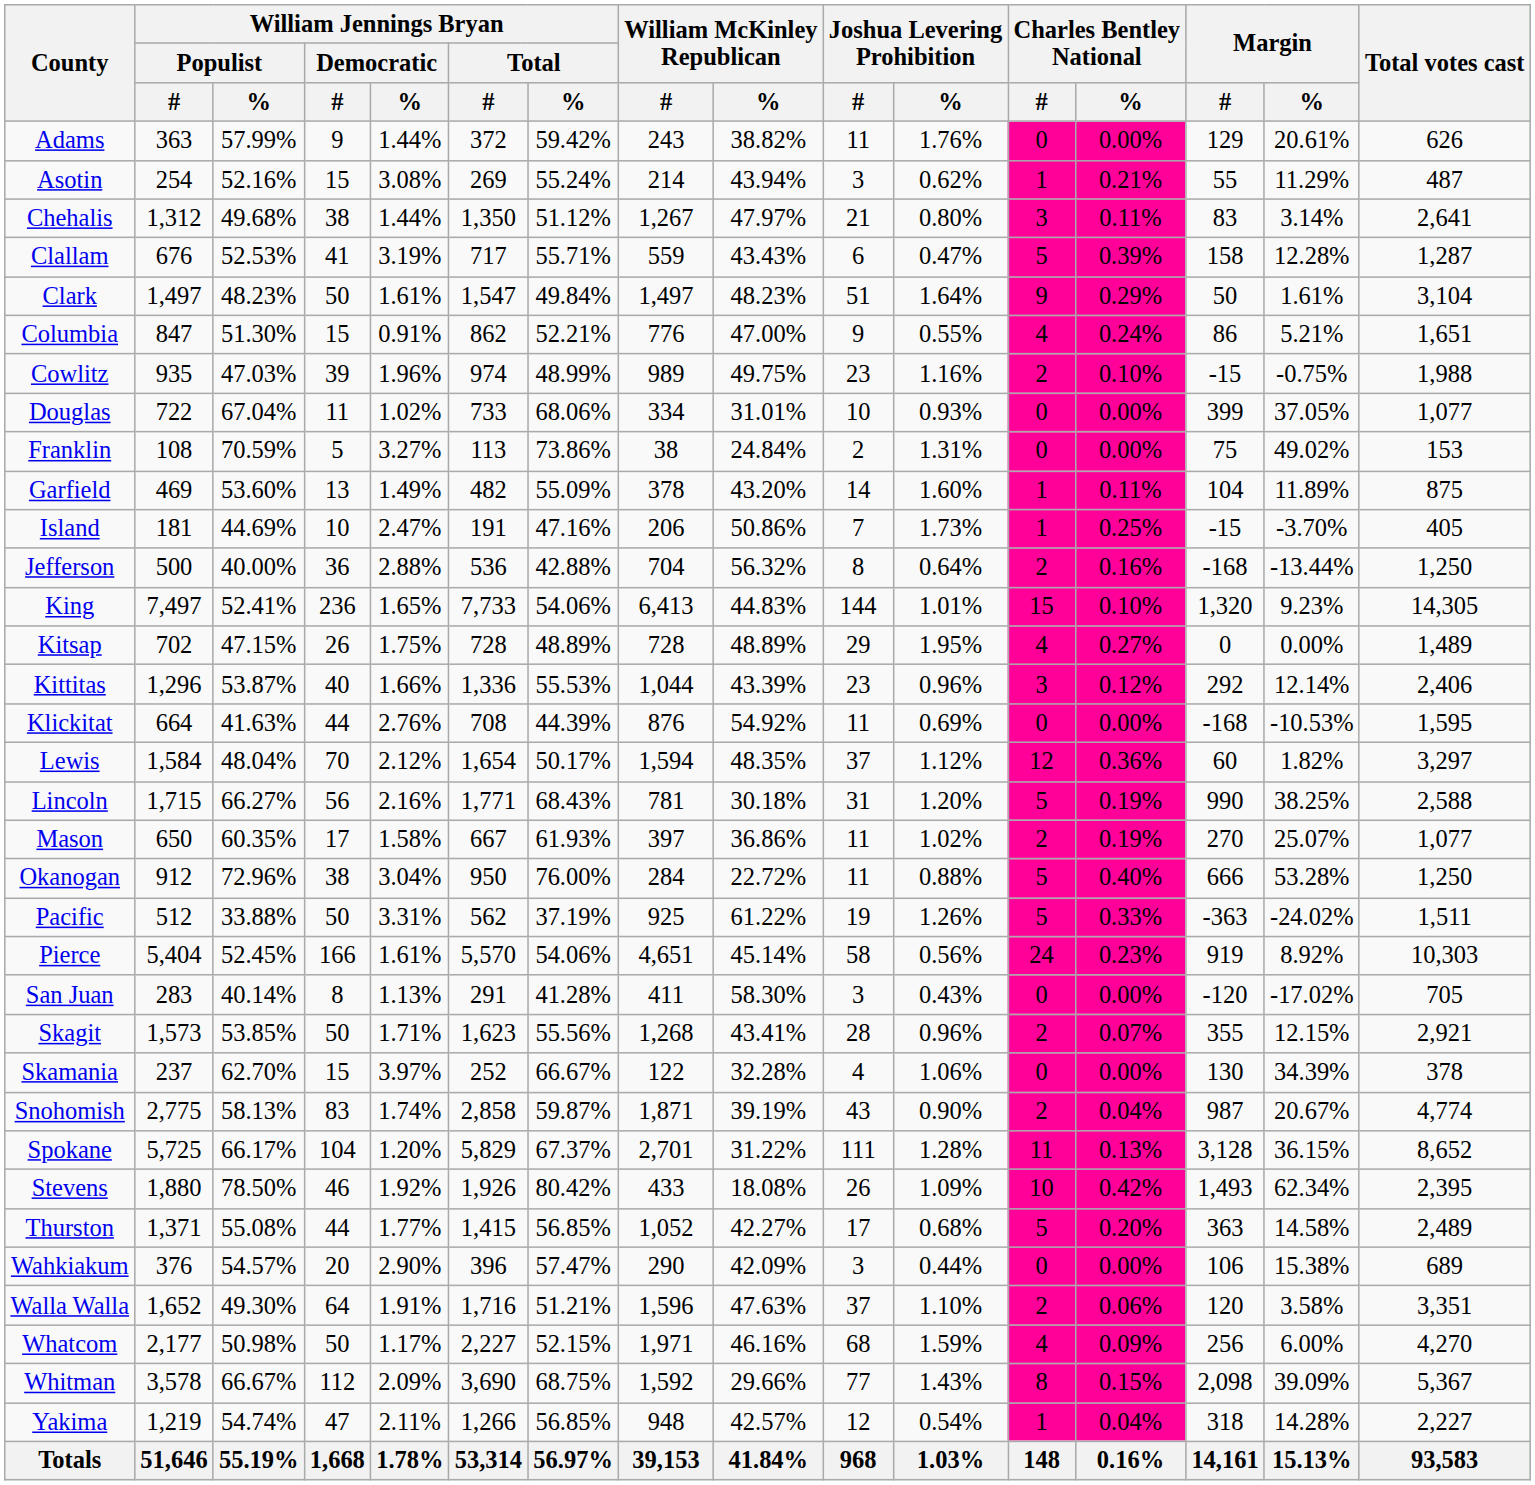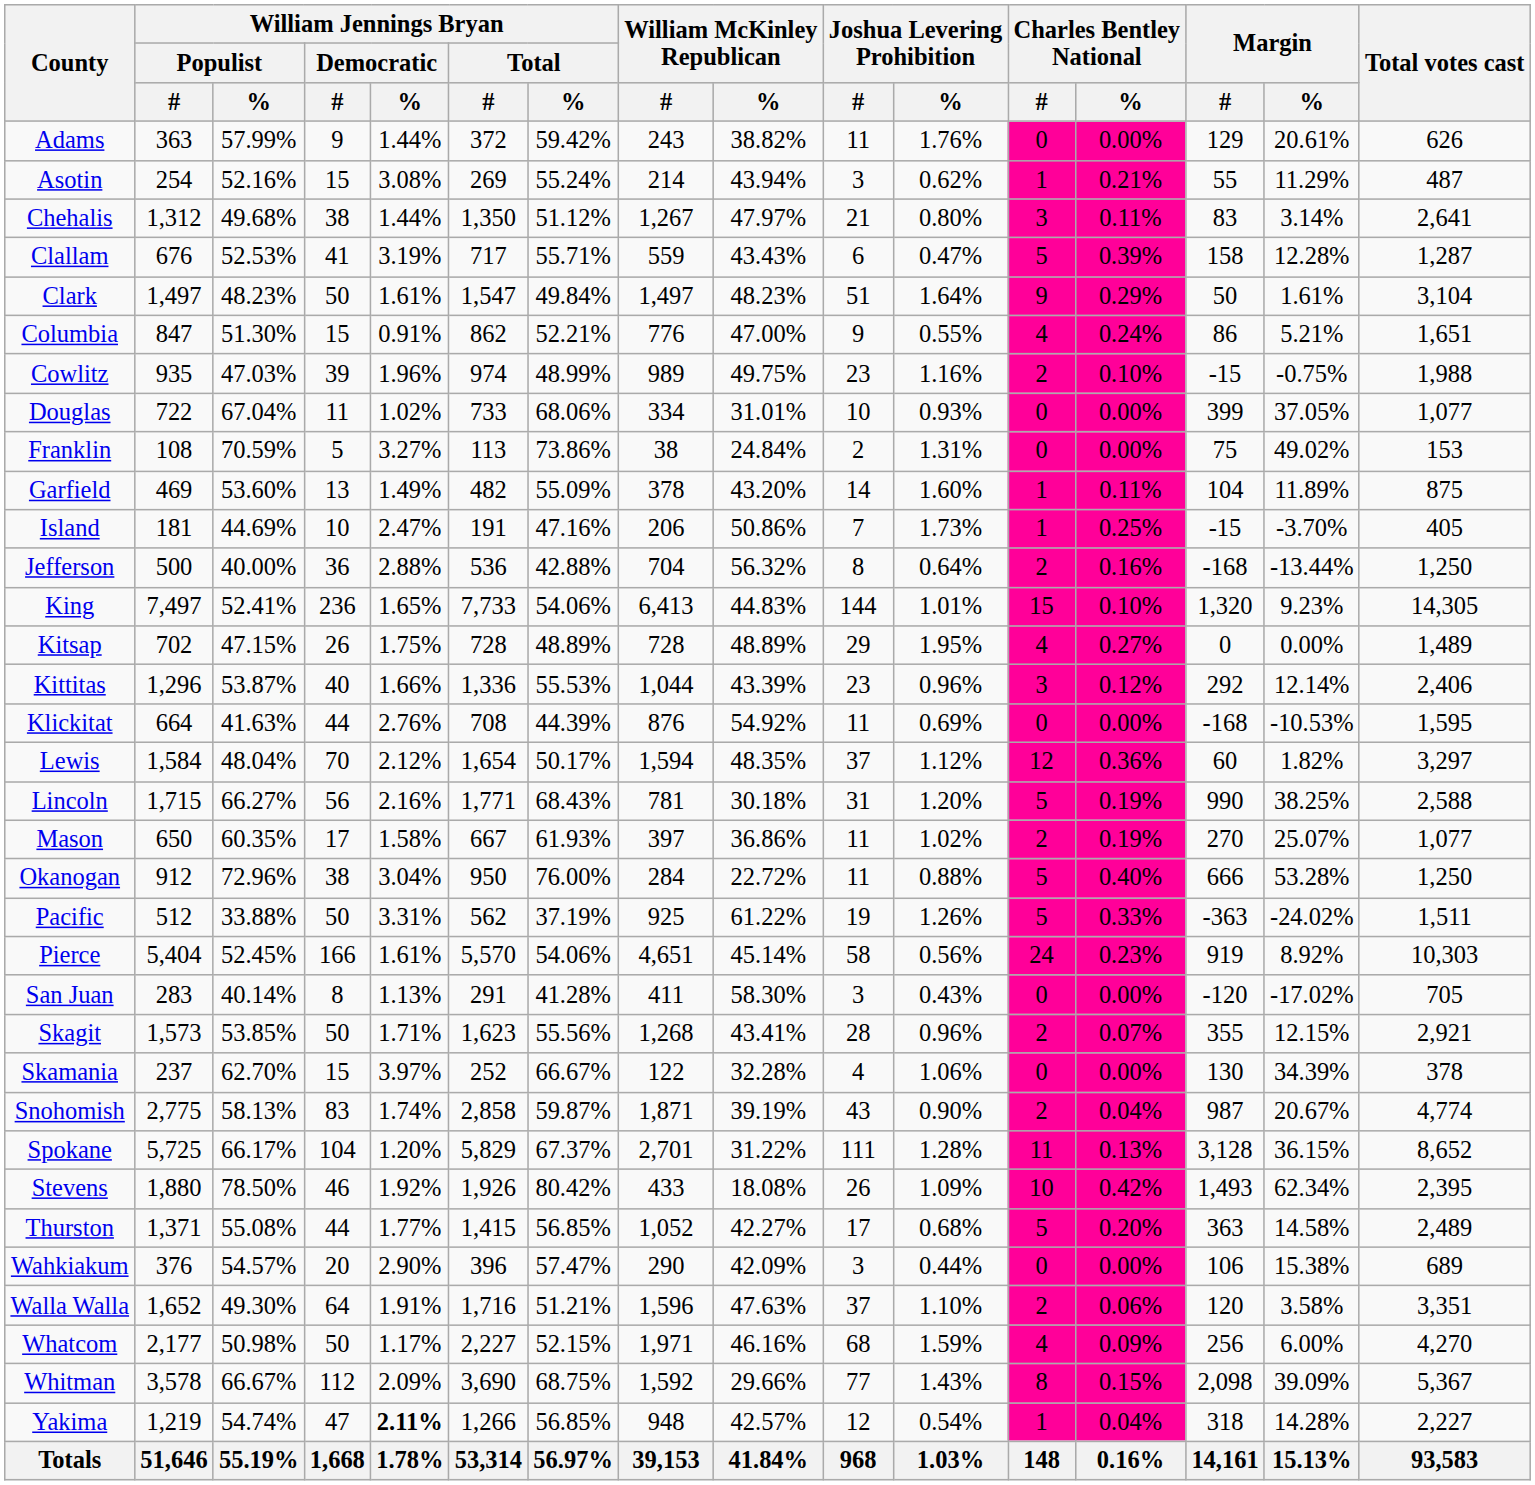 <table class="wikitable sortable" style="text-align:center">
 <tr>
 <th rowspan="3">County</th>
 <th colspan="6">William Jennings Bryan</th>
 <th colspan="2" rowspan="2">William McKinley<br>Republican</th>
 <th colspan="2" rowspan="2">Joshua Levering<br>Prohibition</th>
 <th colspan="2" rowspan="2">Charles Bentley<br>National</th>
 <th colspan="2" rowspan="2">Margin</th>
 <th rowspan="3">Total votes cast</th>
 </tr>
 <tr>
 <th colspan="2" style="text-align:center;">Populist</th>
 <th colspan="2" style="text-align:center;">Democratic</th>
 <th colspan="2" style="text-align:center;">Total</th>
 </tr>
 <tr>
 <th style="text-align:center;" data-sort-type="number">#</th>
 <th style="text-align:center;" data-sort-type="number">%</th>
 <th style="text-align:center;" data-sort-type="number">#</th>
 <th style="text-align:center;" data-sort-type="number">%</th>
 <th style="text-align:center;" data-sort-type="number">#</th>
 <th style="text-align:center;" data-sort-type="number">%</th>
 <th style="text-align:center;" data-sort-type="number">#</th>
 <th style="text-align:center;" data-sort-type="number">%</th>
 <th style="text-align:center;" data-sort-type="number">#</th>
 <th style="text-align:center;" data-sort-type="number">%</th>
 <th style="text-align:center;" data-sort-type="number">#</th>
 <th style="text-align:center;" data-sort-type="number">%</th>
 <th style="text-align:center;" data-sort-type="number">#</th>
 <th style="text-align:center;" data-sort-type="number">%</th>
 </tr>
 <tr style="text-align:center;">
 <td><a href='#'>Adams</a></td>
 <td>363</td>
 <td>57.99%</td>
 <td>9</td>
 <td>1.44%</td>
 <td>372</td>
 <td>59.42%</td>
 <td>243</td>
 <td>38.82%</td>
 <td>11</td>
 <td>1.76%</td>
 <td bgcolor="#f09">0</td>
 <td bgcolor="#f09">0.00%</td>
 <td>129</td>
 <td>20.61%</td>
 <td>626</td>
 </tr>
 <tr style="text-align:center;">
 <td><a href='#'>Asotin</a></td>
 <td>254</td>
 <td>52.16%</td>
 <td>15</td>
 <td>3.08%</td>
 <td>269</td>
 <td>55.24%</td>
 <td>214</td>
 <td>43.94%</td>
 <td>3</td>
 <td>0.62%</td>
 <td bgcolor="#f09">1</td>
 <td bgcolor="#f09">0.21%</td>
 <td>55</td>
 <td>11.29%</td>
 <td>487</td>
 </tr>
 <tr style="text-align:center;">
 <td><a href='#'>Chehalis</a></td>
 <td>1,312</td>
 <td>49.68%</td>
 <td>38</td>
 <td>1.44%</td>
 <td>1,350</td>
 <td>51.12%</td>
 <td>1,267</td>
 <td>47.97%</td>
 <td>21</td>
 <td>0.80%</td>
 <td bgcolor="#f09">3</td>
 <td bgcolor="#f09">0.11%</td>
 <td>83</td>
 <td>3.14%</td>
 <td>2,641</td>
 </tr>
 <tr style="text-align:center;">
 <td><a href='#'>Clallam</a></td>
 <td>676</td>
 <td>52.53%</td>
 <td>41</td>
 <td>3.19%</td>
 <td>717</td>
 <td>55.71%</td>
 <td>559</td>
 <td>43.43%</td>
 <td>6</td>
 <td>0.47%</td>
 <td bgcolor="#f09">5</td>
 <td bgcolor="#f09">0.39%</td>
 <td>158</td>
 <td>12.28%</td>
 <td>1,287</td>
 </tr>
 <tr style="text-align:center;">
 <td><a href='#'>Clark</a></td>
 <td>1,497</td>
 <td>48.23%</td>
 <td>50</td>
 <td>1.61%</td>
 <td>1,547</td>
 <td>49.84%</td>
 <td>1,497</td>
 <td>48.23%</td>
 <td>51</td>
 <td>1.64%</td>
 <td bgcolor="#f09">9</td>
 <td bgcolor="#f09">0.29%</td>
 <td>50</td>
 <td>1.61%</td>
 <td>3,104</td>
 </tr>
 <tr style="text-align:center;">
 <td><a href='#'>Columbia</a></td>
 <td>847</td>
 <td>51.30%</td>
 <td>15</td>
 <td>0.91%</td>
 <td>862</td>
 <td>52.21%</td>
 <td>776</td>
 <td>47.00%</td>
 <td>9</td>
 <td>0.55%</td>
 <td bgcolor="#f09">4</td>
 <td bgcolor="#f09">0.24%</td>
 <td>86</td>
 <td>5.21%</td>
 <td>1,651</td>
 </tr>
 <tr style="text-align:center;">
 <td><a href='#'>Cowlitz</a></td>
 <td>935</td>
 <td>47.03%</td>
 <td>39</td>
 <td>1.96%</td>
 <td>974</td>
 <td>48.99%</td>
 <td>989</td>
 <td>49.75%</td>
 <td>23</td>
 <td>1.16%</td>
 <td bgcolor="#f09">2</td>
 <td bgcolor="#f09">0.10%</td>
 <td>-15</td>
 <td>-0.75%</td>
 <td>1,988</td>
 </tr>
 <tr style="text-align:center;">
 <td><a href='#'>Douglas</a></td>
 <td>722</td>
 <td>67.04%</td>
 <td>11</td>
 <td>1.02%</td>
 <td>733</td>
 <td>68.06%</td>
 <td>334</td>
 <td>31.01%</td>
 <td>10</td>
 <td>0.93%</td>
 <td bgcolor="#f09">0</td>
 <td bgcolor="#f09">0.00%</td>
 <td>399</td>
 <td>37.05%</td>
 <td>1,077</td>
 </tr>
 <tr style="text-align:center;">
 <td><a href='#'>Franklin</a></td>
 <td>108</td>
 <td>70.59%</td>
 <td>5</td>
 <td>3.27%</td>
 <td>113</td>
 <td>73.86%</td>
 <td>38</td>
 <td>24.84%</td>
 <td>2</td>
 <td>1.31%</td>
 <td bgcolor="#f09">0</td>
 <td bgcolor="#f09">0.00%</td>
 <td>75</td>
 <td>49.02%</td>
 <td>153</td>
 </tr>
 <tr style="text-align:center;">
 <td><a href='#'>Garfield</a></td>
 <td>469</td>
 <td>53.60%</td>
 <td>13</td>
 <td>1.49%</td>
 <td>482</td>
 <td>55.09%</td>
 <td>378</td>
 <td>43.20%</td>
 <td>14</td>
 <td>1.60%</td>
 <td bgcolor="#f09">1</td>
 <td bgcolor="#f09">0.11%</td>
 <td>104</td>
 <td>11.89%</td>
 <td>875</td>
 </tr>
 <tr style="text-align:center;">
 <td><a href='#'>Island</a></td>
 <td>181</td>
 <td>44.69%</td>
 <td>10</td>
 <td>2.47%</td>
 <td>191</td>
 <td>47.16%</td>
 <td>206</td>
 <td>50.86%</td>
 <td>7</td>
 <td>1.73%</td>
 <td bgcolor="#f09">1</td>
 <td bgcolor="#f09">0.25%</td>
 <td>-15</td>
 <td>-3.70%</td>
 <td>405</td>
 </tr>
 <tr style="text-align:center;">
 <td><a href='#'>Jefferson</a></td>
 <td>500</td>
 <td>40.00%</td>
 <td>36</td>
 <td>2.88%</td>
 <td>536</td>
 <td>42.88%</td>
 <td>704</td>
 <td>56.32%</td>
 <td>8</td>
 <td>0.64%</td>
 <td bgcolor="#f09">2</td>
 <td bgcolor="#f09">0.16%</td>
 <td>-168</td>
 <td>-13.44%</td>
 <td>1,250</td>
 </tr>
 <tr style="text-align:center;">
 <td><a href='#'>King</a></td>
 <td>7,497</td>
 <td>52.41%</td>
 <td>236</td>
 <td>1.65%</td>
 <td>7,733</td>
 <td>54.06%</td>
 <td>6,413</td>
 <td>44.83%</td>
 <td>144</td>
 <td>1.01%</td>
 <td bgcolor="#f09">15</td>
 <td bgcolor="#f09">0.10%</td>
 <td>1,320</td>
 <td>9.23%</td>
 <td>14,305</td>
 </tr>
 <tr style="text-align:center;">
 <td><a href='#'>Kitsap</a></td>
 <td>702</td>
 <td>47.15%</td>
 <td>26</td>
 <td>1.75%</td>
 <td>728</td>
 <td>48.89%</td>
 <td>728</td>
 <td>48.89%</td>
 <td>29</td>
 <td>1.95%</td>
 <td bgcolor="#f09">4</td>
 <td bgcolor="#f09">0.27%</td>
 <td>0</td>
 <td>0.00%</td>
 <td>1,489</td>
 </tr>
 <tr style="text-align:center;">
 <td><a href='#'>Kittitas</a></td>
 <td>1,296</td>
 <td>53.87%</td>
 <td>40</td>
 <td>1.66%</td>
 <td>1,336</td>
 <td>55.53%</td>
 <td>1,044</td>
 <td>43.39%</td>
 <td>23</td>
 <td>0.96%</td>
 <td bgcolor="#f09">3</td>
 <td bgcolor="#f09">0.12%</td>
 <td>292</td>
 <td>12.14%</td>
 <td>2,406</td>
 </tr>
 <tr style="text-align:center;">
 <td><a href='#'>Klickitat</a></td>
 <td>664</td>
 <td>41.63%</td>
 <td>44</td>
 <td>2.76%</td>
 <td>708</td>
 <td>44.39%</td>
 <td>876</td>
 <td>54.92%</td>
 <td>11</td>
 <td>0.69%</td>
 <td bgcolor="#f09">0</td>
 <td bgcolor="#f09">0.00%</td>
 <td>-168</td>
 <td>-10.53%</td>
 <td>1,595</td>
 </tr>
 <tr style="text-align:center;">
 <td><a href='#'>Lewis</a></td>
 <td>1,584</td>
 <td>48.04%</td>
 <td>70</td>
 <td>2.12%</td>
 <td>1,654</td>
 <td>50.17%</td>
 <td>1,594</td>
 <td>48.35%</td>
 <td>37</td>
 <td>1.12%</td>
 <td bgcolor="#f09">12</td>
 <td bgcolor="#f09">0.36%</td>
 <td>60</td>
 <td>1.82%</td>
 <td>3,297</td>
 </tr>
 <tr style="text-align:center;">
 <td><a href='#'>Lincoln</a></td>
 <td>1,715</td>
 <td>66.27%</td>
 <td>56</td>
 <td>2.16%</td>
 <td>1,771</td>
 <td>68.43%</td>
 <td>781</td>
 <td>30.18%</td>
 <td>31</td>
 <td>1.20%</td>
 <td bgcolor="#f09">5</td>
 <td bgcolor="#f09">0.19%</td>
 <td>990</td>
 <td>38.25%</td>
 <td>2,588</td>
 </tr>
 <tr style="text-align:center;">
 <td><a href='#'>Mason</a></td>
 <td>650</td>
 <td>60.35%</td>
 <td>17</td>
 <td>1.58%</td>
 <td>667</td>
 <td>61.93%</td>
 <td>397</td>
 <td>36.86%</td>
 <td>11</td>
 <td>1.02%</td>
 <td bgcolor="#f09">2</td>
 <td bgcolor="#f09">0.19%</td>
 <td>270</td>
 <td>25.07%</td>
 <td>1,077</td>
 </tr>
 <tr style="text-align:center;">
 <td><a href='#'>Okanogan</a></td>
 <td>912</td>
 <td>72.96%</td>
 <td>38</td>
 <td>3.04%</td>
 <td>950</td>
 <td>76.00%</td>
 <td>284</td>
 <td>22.72%</td>
 <td>11</td>
 <td>0.88%</td>
 <td bgcolor="#f09">5</td>
 <td bgcolor="#f09">0.40%</td>
 <td>666</td>
 <td>53.28%</td>
 <td>1,250</td>
 </tr>
 <tr style="text-align:center;">
 <td><a href='#'>Pacific</a></td>
 <td>512</td>
 <td>33.88%</td>
 <td>50</td>
 <td>3.31%</td>
 <td>562</td>
 <td>37.19%</td>
 <td>925</td>
 <td>61.22%</td>
 <td>19</td>
 <td>1.26%</td>
 <td bgcolor="#f09">5</td>
 <td bgcolor="#f09">0.33%</td>
 <td>-363</td>
 <td>-24.02%</td>
 <td>1,511</td>
 </tr>
 <tr style="text-align:center;">
 <td><a href='#'>Pierce</a></td>
 <td>5,404</td>
 <td>52.45%</td>
 <td>166</td>
 <td>1.61%</td>
 <td>5,570</td>
 <td>54.06%</td>
 <td>4,651</td>
 <td>45.14%</td>
 <td>58</td>
 <td>0.56%</td>
 <td bgcolor="#f09">24</td>
 <td bgcolor="#f09">0.23%</td>
 <td>919</td>
 <td>8.92%</td>
 <td>10,303</td>
 </tr>
 <tr style="text-align:center;">
 <td><a href='#'>San Juan</a></td>
 <td>283</td>
 <td>40.14%</td>
 <td>8</td>
 <td>1.13%</td>
 <td>291</td>
 <td>41.28%</td>
 <td>411</td>
 <td>58.30%</td>
 <td>3</td>
 <td>0.43%</td>
 <td bgcolor="#f09">0</td>
 <td bgcolor="#f09">0.00%</td>
 <td>-120</td>
 <td>-17.02%</td>
 <td>705</td>
 </tr>
 <tr style="text-align:center;">
 <td><a href='#'>Skagit</a></td>
 <td>1,573</td>
 <td>53.85%</td>
 <td>50</td>
 <td>1.71%</td>
 <td>1,623</td>
 <td>55.56%</td>
 <td>1,268</td>
 <td>43.41%</td>
 <td>28</td>
 <td>0.96%</td>
 <td bgcolor="#f09">2</td>
 <td bgcolor="#f09">0.07%</td>
 <td>355</td>
 <td>12.15%</td>
 <td>2,921</td>
 </tr>
 <tr style="text-align:center;">
 <td><a href='#'>Skamania</a></td>
 <td>237</td>
 <td>62.70%</td>
 <td>15</td>
 <td>3.97%</td>
 <td>252</td>
 <td>66.67%</td>
 <td>122</td>
 <td>32.28%</td>
 <td>4</td>
 <td>1.06%</td>
 <td bgcolor="#f09">0</td>
 <td bgcolor="#f09">0.00%</td>
 <td>130</td>
 <td>34.39%</td>
 <td>378</td>
 </tr>
 <tr style="text-align:center;">
 <td><a href='#'>Snohomish</a></td>
 <td>2,775</td>
 <td>58.13%</td>
 <td>83</td>
 <td>1.74%</td>
 <td>2,858</td>
 <td>59.87%</td>
 <td>1,871</td>
 <td>39.19%</td>
 <td>43</td>
 <td>0.90%</td>
 <td bgcolor="#f09">2</td>
 <td bgcolor="#f09">0.04%</td>
 <td>987</td>
 <td>20.67%</td>
 <td>4,774</td>
 </tr>
 <tr style="text-align:center;">
 <td><a href='#'>Spokane</a></td>
 <td>5,725</td>
 <td>66.17%</td>
 <td>104</td>
 <td>1.20%</td>
 <td>5,829</td>
 <td>67.37%</td>
 <td>2,701</td>
 <td>31.22%</td>
 <td>111</td>
 <td>1.28%</td>
 <td bgcolor="#f09">11</td>
 <td bgcolor="#f09">0.13%</td>
 <td>3,128</td>
 <td>36.15%</td>
 <td>8,652</td>
 </tr>
 <tr style="text-align:center;">
 <td><a href='#'>Stevens</a></td>
 <td>1,880</td>
 <td>78.50%</td>
 <td>46</td>
 <td>1.92%</td>
 <td>1,926</td>
 <td>80.42%</td>
 <td>433</td>
 <td>18.08%</td>
 <td>26</td>
 <td>1.09%</td>
 <td bgcolor="#f09">10</td>
 <td bgcolor="#f09">0.42%</td>
 <td>1,493</td>
 <td>62.34%</td>
 <td>2,395</td>
 </tr>
 <tr style="text-align:center;">
 <td><a href='#'>Thurston</a></td>
 <td>1,371</td>
 <td>55.08%</td>
 <td>44</td>
 <td>1.77%</td>
 <td>1,415</td>
 <td>56.85%</td>
 <td>1,052</td>
 <td>42.27%</td>
 <td>17</td>
 <td>0.68%</td>
 <td bgcolor="#f09">5</td>
 <td bgcolor="#f09">0.20%</td>
 <td>363</td>
 <td>14.58%</td>
 <td>2,489</td>
 </tr>
 <tr style="text-align:center;">
 <td><a href='#'>Wahkiakum</a></td>
 <td>376</td>
 <td>54.57%</td>
 <td>20</td>
 <td>2.90%</td>
 <td>396</td>
 <td>57.47%</td>
 <td>290</td>
 <td>42.09%</td>
 <td>3</td>
 <td>0.44%</td>
 <td bgcolor="#f09">0</td>
 <td bgcolor="#f09">0.00%</td>
 <td>106</td>
 <td>15.38%</td>
 <td>689</td>
 </tr>
 <tr style="text-align:center;">
 <td><a href='#'>Walla Walla</a></td>
 <td>1,652</td>
 <td>49.30%</td>
 <td>64</td>
 <td>1.91%</td>
 <td>1,716</td>
 <td>51.21%</td>
 <td>1,596</td>
 <td>47.63%</td>
 <td>37</td>
 <td>1.10%</td>
 <td bgcolor="#f09">2</td>
 <td bgcolor="#f09">0.06%</td>
 <td>120</td>
 <td>3.58%</td>
 <td>3,351</td>
 </tr>
 <tr style="text-align:center;">
 <td><a href='#'>Whatcom</a></td>
 <td>2,177</td>
 <td>50.98%</td>
 <td>50</td>
 <td>1.17%</td>
 <td>2,227</td>
 <td>52.15%</td>
 <td>1,971</td>
 <td>46.16%</td>
 <td>68</td>
 <td>1.59%</td>
 <td bgcolor="#f09">4</td>
 <td bgcolor="#f09">0.09%</td>
 <td>256</td>
 <td>6.00%</td>
 <td>4,270</td>
 </tr>
 <tr style="text-align:center;">
 <td><a href='#'>Whitman</a></td>
 <td>3,578</td>
 <td>66.67%</td>
 <td>112</td>
 <td>2.09%</td>
 <td>3,690</td>
 <td>68.75%</td>
 <td>1,592</td>
 <td>29.66%</td>
 <td>77</td>
 <td>1.43%</td>
 <td bgcolor="#f09">8</td>
 <td bgcolor="#f09">0.15%</td>
 <td>2,098</td>
 <td>39.09%</td>
 <td>5,367</td>
 </tr>
 <tr style="text-align:center;">
 <td><a href='#'>Yakima</a></td>
 <td>1,219</td>
 <td>54.74%</td>
 <td>47</td>
-<td>2.11%</td>
+<td><strong>2.11%</strong></td>
 <td>1,266</td>
 <td>56.85%</td>
 <td>948</td>
 <td>42.57%</td>
 <td>12</td>
 <td>0.54%</td>
 <td bgcolor="#f09">1</td>
 <td bgcolor="#f09">0.04%</td>
 <td>318</td>
 <td>14.28%</td>
 <td>2,227</td>
 </tr>
 <tr style="text-align:center;">
 <th>Totals</th>
 <th>51,646</th>
 <th>55.19%</th>
 <th>1,668</th>
 <th>1.78%</th>
 <th>53,314</th>
 <th>56.97%</th>
 <th>39,153</th>
 <th>41.84%</th>
 <th>968</th>
 <th>1.03%</th>
 <th>148</th>
 <th>0.16%</th>
 <th>14,161</th>
 <th>15.13%</th>
 <th>93,583</th>
 </tr>
 </table>
